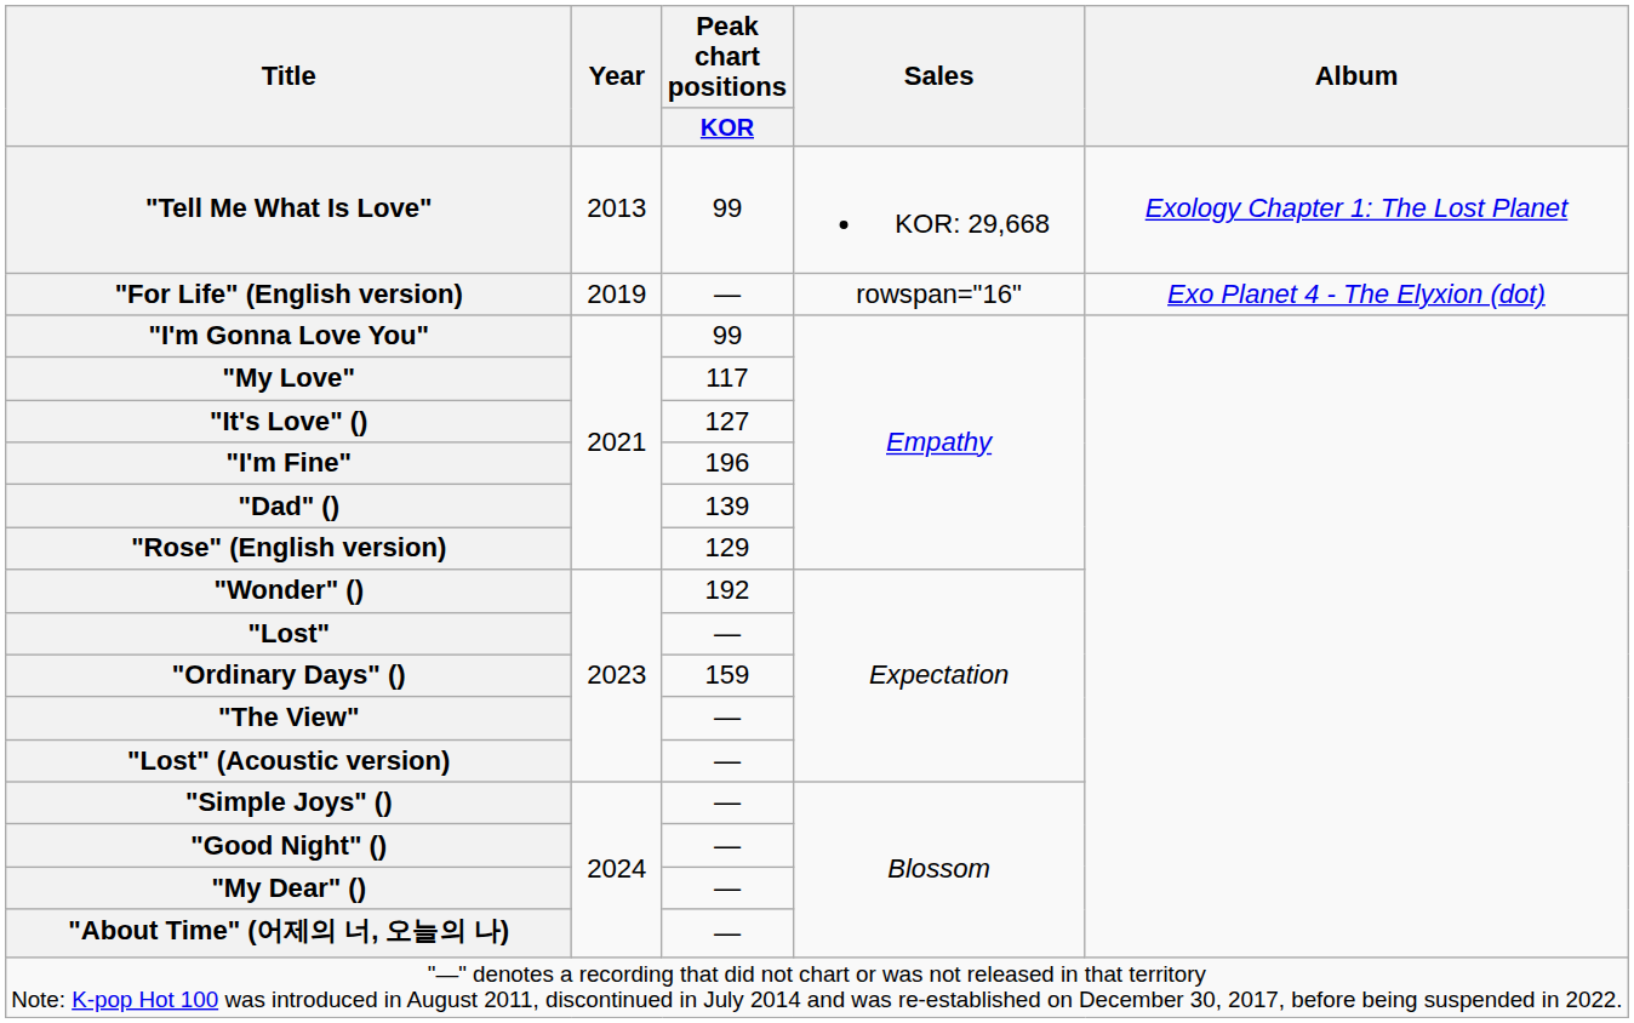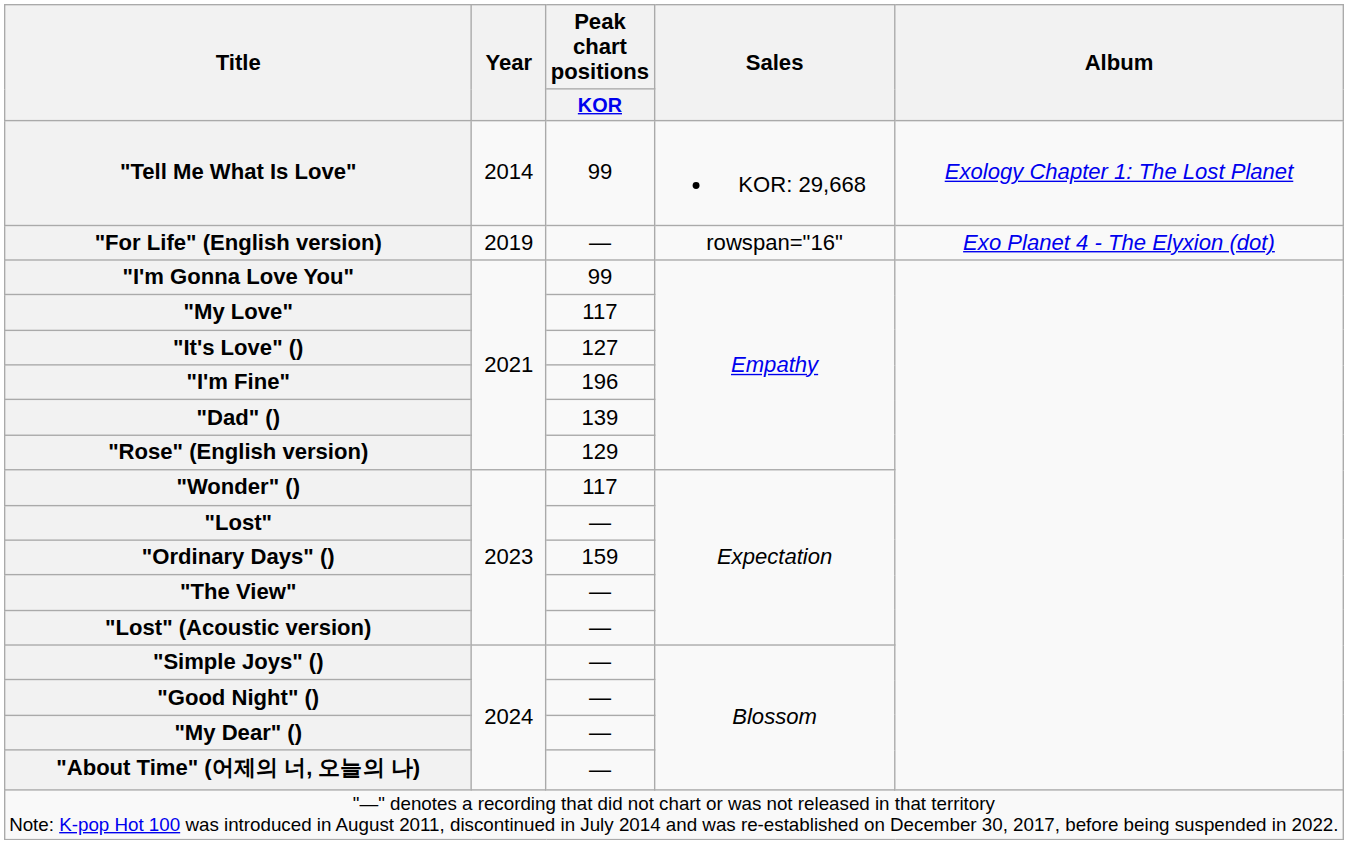 <table class="wikitable plainrowheaders" style="text-align:center">
 <tr>
 <th scope="col" rowspan="2">Title</th>
 <th scope="col" rowspan="2">Year</th>
 <th scope="col" colspan="1">Peak chart positions</th>
 <th scope="col" rowspan="2">Sales<br></th>
 <th scope="col" rowspan="2">Album</th>
 </tr>
 <tr>
 <th style="width:4em;font-size:90%"><a href='#'>KOR</a><br></th>
 </tr>
 <tr>
 <th scope="row">"Tell Me What Is Love"</th>
-<td>2013</td>
+<td>2014</td>
 <td>99</td>
 <td><br><ul><li>KOR: 29,668</li></ul></td>
 <td><em><a href='#'>Exology Chapter 1: The Lost Planet</a></em></td>
 </tr>
 <tr>
 <th scope="row">"For Life" (English version)</th>
 <td>2019</td>
 <td>—</td>
 <td>rowspan="16" </td>
 <td><em><a href='#'>Exo Planet 4 - The Elyxion (dot)</a></em></td>
 </tr>
 <tr>
 <th scope="row">"I'm Gonna Love You"<br></th>
 <td rowspan="6">2021</td>
 <td>99</td>
 <td rowspan="6"><em><a href='#'>Empathy</a></em></td>
 </tr>
 <tr>
 <th scope="row">"My Love"</th>
 <td>117</td>
 </tr>
 <tr>
 <th scope="row">"It's Love" ()</th>
 <td>127</td>
 </tr>
 <tr>
 <th scope="row">"I'm Fine"</th>
 <td>196</td>
 </tr>
 <tr>
 <th scope="row">"Dad" ()</th>
 <td>139</td>
 </tr>
 <tr>
 <th scope="row">"Rose" (English version)</th>
 <td>129</td>
 </tr>
 <tr>
 <th scope="row">"Wonder" ()</th>
 <td rowspan="5">2023</td>
-<td>192</td>
+<td>117</td>
 <td rowspan="5"><em>Expectation</em></td>
 </tr>
 <tr>
 <th scope="row">"Lost"</th>
 <td>—</td>
 </tr>
 <tr>
 <th scope="row">"Ordinary Days" ()</th>
 <td>159</td>
 </tr>
 <tr>
 <th scope="row">"The View"</th>
 <td>—</td>
 </tr>
 <tr>
 <th scope="row">"Lost" (Acoustic version)</th>
 <td>—</td>
 </tr>
 <tr>
 <th scope="row">"Simple Joys" ()</th>
 <td rowspan="4">2024</td>
 <td>—</td>
 <td rowspan="4"><em>Blossom</em></td>
 </tr>
 <tr>
 <th scope="row">"Good Night" ()</th>
 <td>—</td>
 </tr>
 <tr>
 <th scope="row">"My Dear" ()</th>
 <td>—</td>
 </tr>
 <tr>
 <th scope="row">"About Time" (어제의 너, 오늘의 나)</th>
 <td>—</td>
 </tr>
 <tr>
 <td colspan="6" style="font-size:85%">"—" denotes a recording that did not chart or was not released in that territory<br>Note: <a href='#'>K-pop Hot 100</a> was introduced in August 2011, discontinued in July 2014 and was re-established on December 30, 2017, before being suspended in 2022.</td>
 </tr>
 </table>
